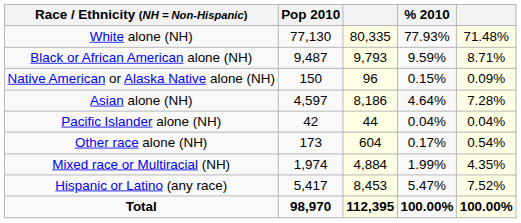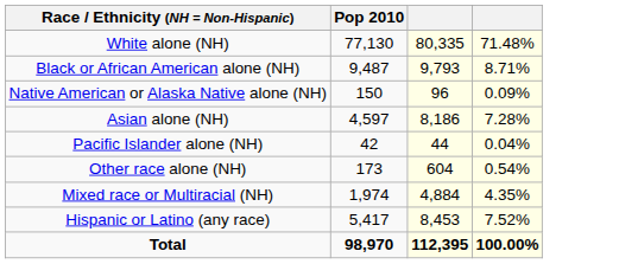 <table class="wikitable" style="text-align:center;">
 <tr>
 <th>Race / Ethnicity <small>(<em>NH = Non-Hispanic</em>)</small></th>
 <th>Pop 2010</th>
 <th></th>
-<th>% 2010</th>
 <th></th>
 </tr>
 <tr>
 <td><a href='#'>White</a> alone (NH)</td>
 <td>77,130</td>
 <td style='background: #ffffe6;'>80,335</td>
-<td>77.93%</td>
 <td style='background: #ffffe6;'>71.48%</td>
 </tr>
 <tr>
 <td><a href='#'>Black or African American</a> alone (NH)</td>
 <td>9,487</td>
 <td style='background: #ffffe6;'>9,793</td>
-<td>9.59%</td>
 <td style='background: #ffffe6;'>8.71%</td>
 </tr>
 <tr>
 <td><a href='#'>Native American</a> or <a href='#'>Alaska Native</a> alone (NH)</td>
 <td>150</td>
 <td style='background: #ffffe6;'>96</td>
-<td>0.15%</td>
 <td style='background: #ffffe6;'>0.09%</td>
 </tr>
 <tr>
 <td><a href='#'>Asian</a> alone (NH)</td>
 <td>4,597</td>
 <td style='background: #ffffe6;'>8,186</td>
-<td>4.64%</td>
 <td style='background: #ffffe6;'>7.28%</td>
 </tr>
 <tr>
 <td><a href='#'>Pacific Islander</a> alone (NH)</td>
 <td>42</td>
 <td style='background: #ffffe6;'>44</td>
-<td>0.04%</td>
 <td style='background: #ffffe6;'>0.04%</td>
 </tr>
 <tr>
 <td><a href='#'>Other race</a> alone (NH)</td>
 <td>173</td>
 <td style='background: #ffffe6;'>604</td>
-<td>0.17%</td>
 <td style='background: #ffffe6;'>0.54%</td>
 </tr>
 <tr>
 <td><a href='#'>Mixed race or Multiracial</a> (NH)</td>
 <td>1,974</td>
 <td style='background: #ffffe6;'>4,884</td>
-<td>1.99%</td>
 <td style='background: #ffffe6;'>4.35%</td>
 </tr>
 <tr>
 <td><a href='#'>Hispanic or Latino</a> (any race)</td>
 <td>5,417</td>
 <td style='background: #ffffe6;'>8,453</td>
-<td>5.47%</td>
 <td style='background: #ffffe6;'>7.52%</td>
 </tr>
 <tr>
 <td><strong>Total</strong></td>
 <td><strong>98,970</strong></td>
 <td style='background: #ffffe6;'><strong>112,395</strong></td>
-<td><strong>100.00%</strong></td>
 <td style='background: #ffffe6;'><strong>100.00%</strong></td>
 </tr>
 </table>
